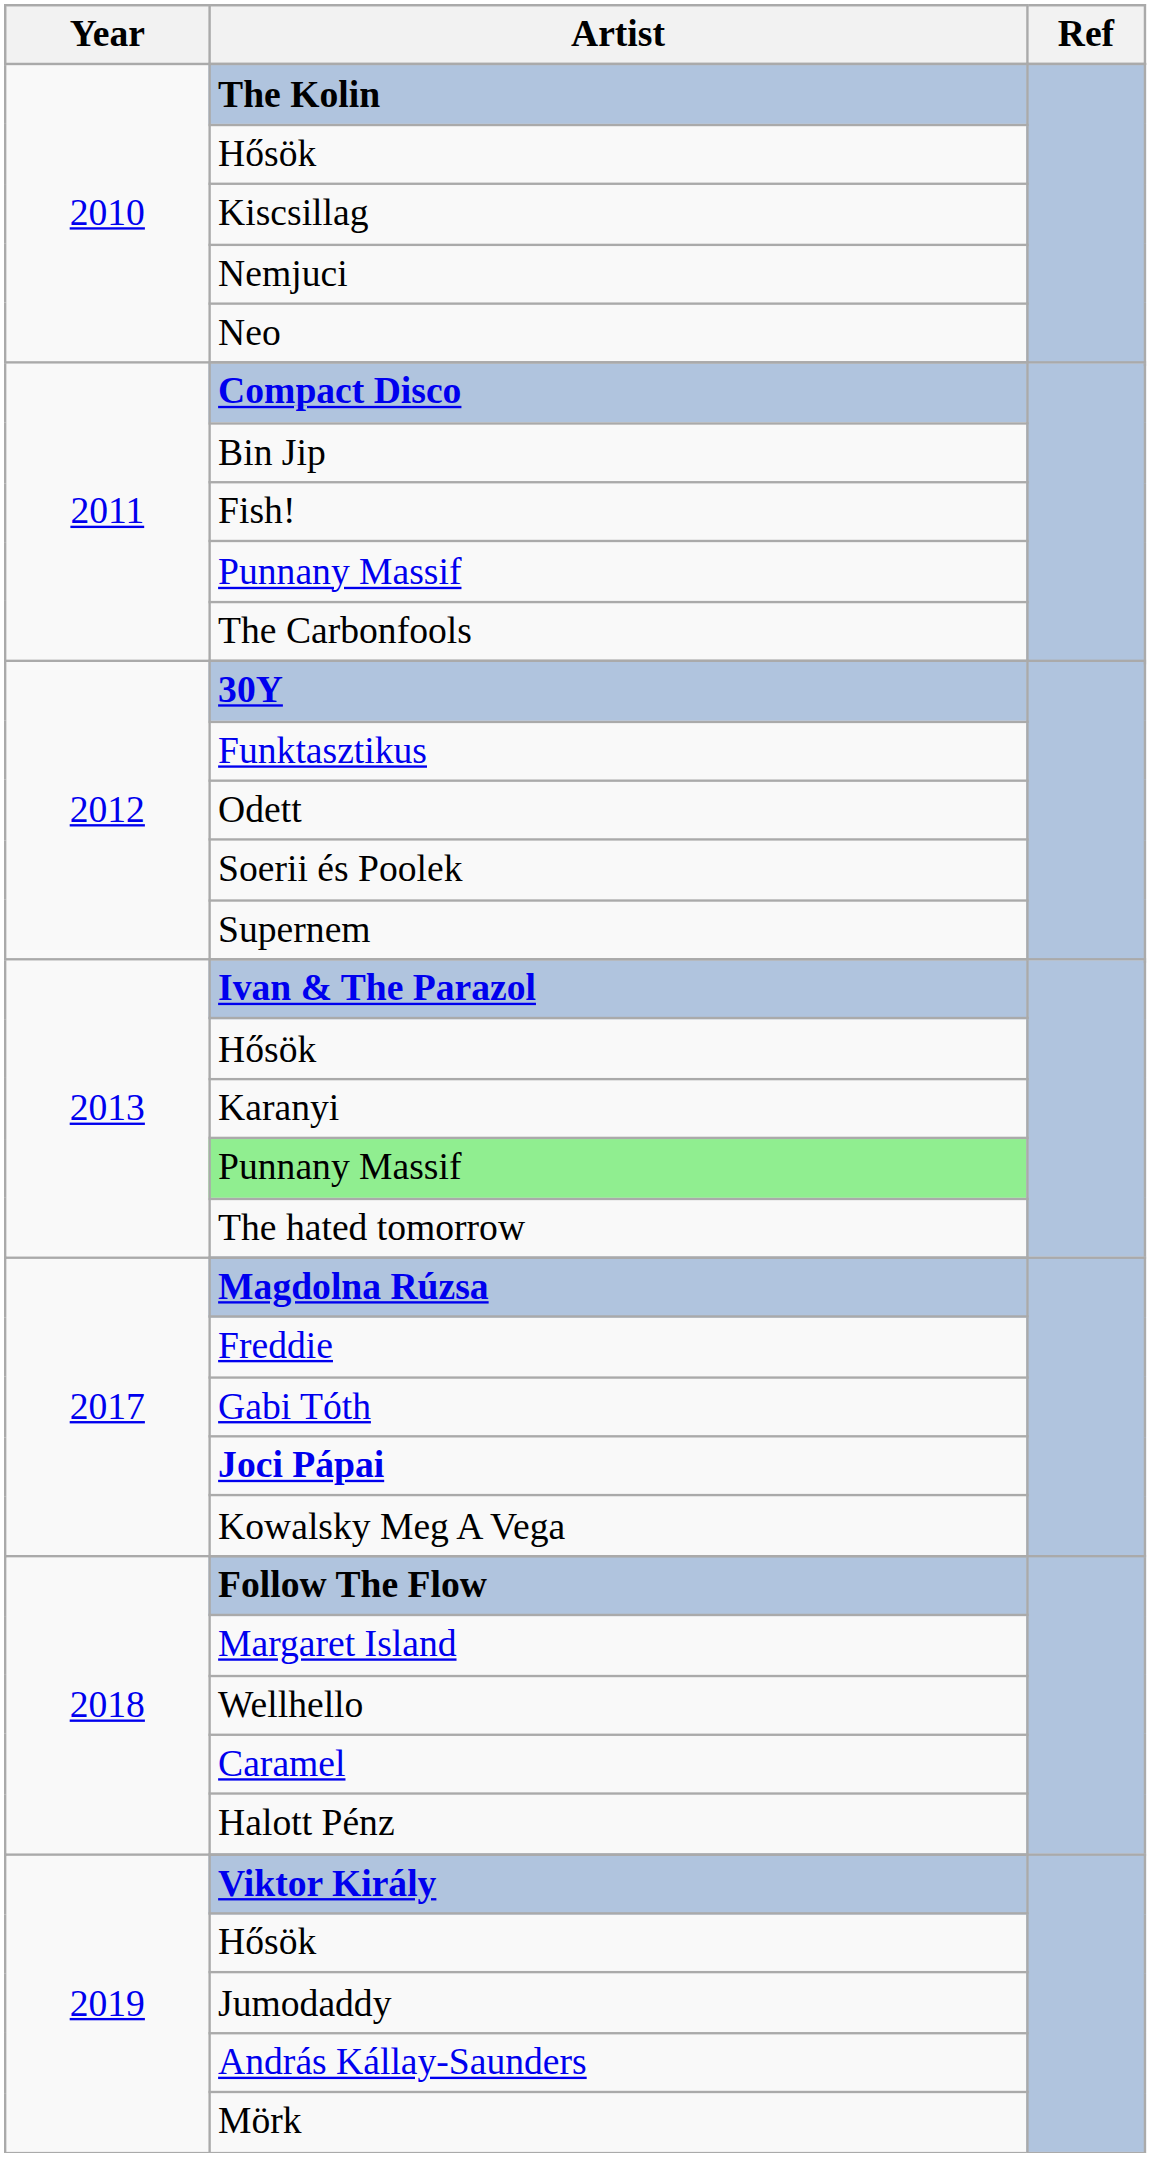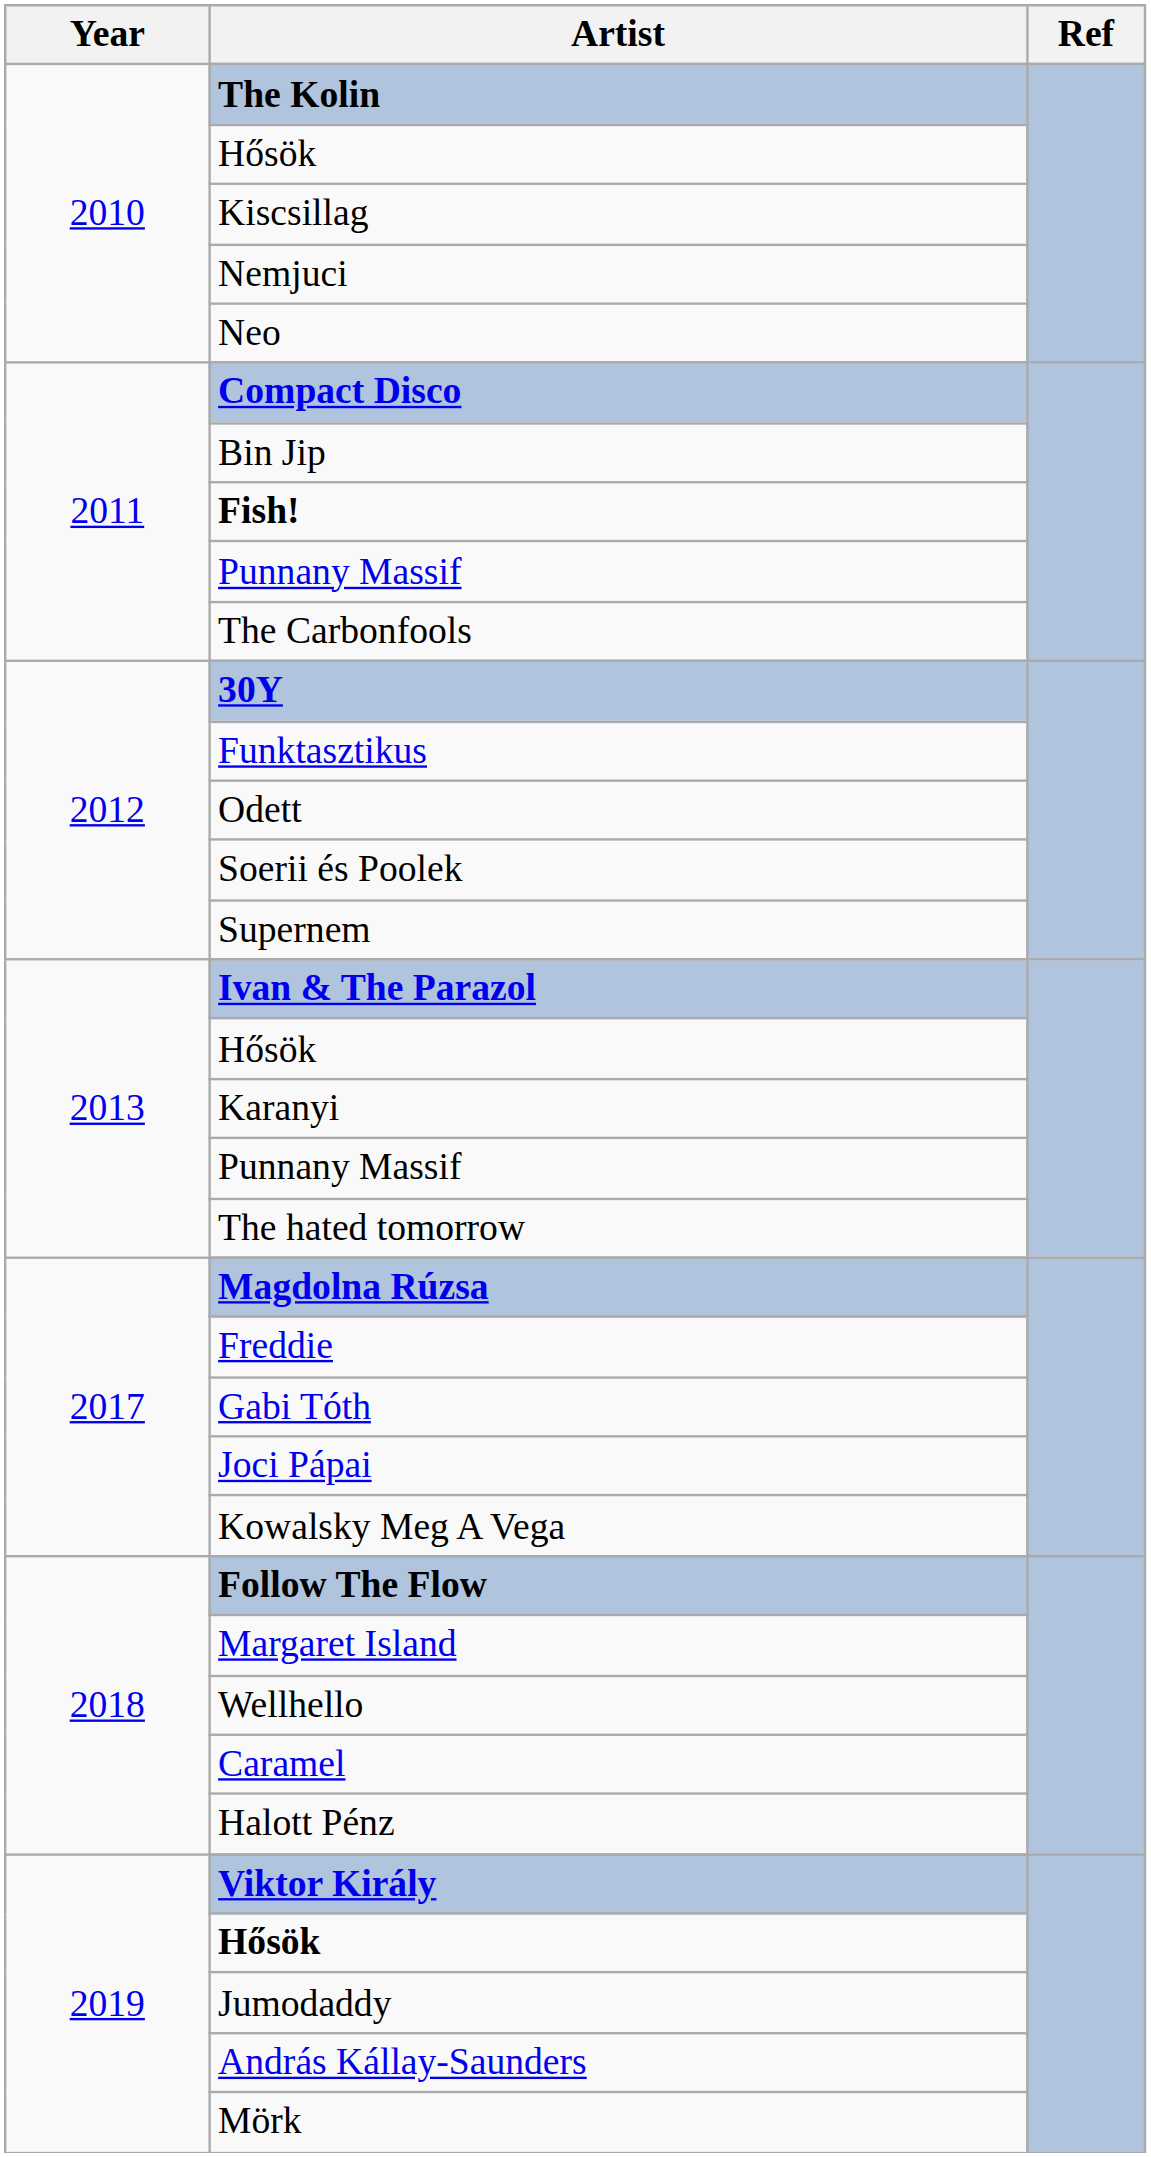 <table class="wikitable" style="width:55%;">
 <tr style="background:#bebebe;">
 <th style="width:10%;">Year</th>
 <th style="width:40%;">Artist</th>
 <th style="width:5%;">Ref</th>
 </tr>
 <tr>
 <td rowspan="6" align="center"><a href='#'>2010</a></td>
 </tr>
 <tr style="background:#B0C4DE">
 <td><strong>The Kolin</strong></td>
 <td rowspan="6" align="center"></td>
 </tr>
 <tr>
 <td>Hősök</td>
 </tr>
 <tr>
 <td>Kiscsillag</td>
 </tr>
 <tr>
 <td>Nemjuci</td>
 </tr>
 <tr>
 <td>Neo</td>
 </tr>
 <tr>
 <td rowspan="6" align="center"><a href='#'>2011</a></td>
 </tr>
 <tr style="background:#B0C4DE">
 <td><strong><a href='#'>Compact Disco</a></strong></td>
 <td rowspan="6" align="center"></td>
 </tr>
 <tr>
 <td>Bin Jip</td>
 </tr>
 <tr>
-<td>Fish!</td>
+<td><strong>Fish!</strong></td>
 </tr>
 <tr>
 <td><a href='#'>Punnany Massif</a></td>
 </tr>
 <tr>
 <td>The Carbonfools</td>
 </tr>
 <tr>
 <td rowspan="6" align="center"><a href='#'>2012</a></td>
 </tr>
 <tr style="background:#B0C4DE">
 <td><strong><a href='#'>30Y</a></strong></td>
 <td rowspan="6" align="center"></td>
 </tr>
 <tr>
 <td><a href='#'>Funktasztikus</a></td>
 </tr>
 <tr>
 <td>Odett</td>
 </tr>
 <tr>
 <td>Soerii és Poolek</td>
 </tr>
 <tr>
 <td>Supernem</td>
 </tr>
 <tr>
 <td rowspan="6" align="center"><a href='#'>2013</a></td>
 </tr>
 <tr style="background:#B0C4DE">
 <td><strong><a href='#'>Ivan & The Parazol</a></strong></td>
 <td rowspan="6" align="center"></td>
 </tr>
 <tr>
 <td>Hősök</td>
 </tr>
 <tr>
 <td>Karanyi</td>
 </tr>
 <tr>
-<td style="background: lightgreen;">Punnany Massif</td>
+<td>Punnany Massif</td>
 </tr>
 <tr>
 <td>The hated tomorrow</td>
 </tr>
 <tr>
 <td rowspan="6" align="center"><a href='#'>2017</a></td>
 </tr>
 <tr style="background:#B0C4DE">
 <td><strong><a href='#'>Magdolna Rúzsa</a></strong></td>
 <td rowspan="6" align="center"></td>
 </tr>
 <tr>
 <td><a href='#'>Freddie</a></td>
 </tr>
 <tr>
 <td><a href='#'>Gabi Tóth</a></td>
 </tr>
 <tr>
-<td><strong><a href='#'>Joci Pápai</a></strong></td>
+<td><a href='#'>Joci Pápai</a></td>
 </tr>
 <tr>
 <td>Kowalsky Meg A Vega</td>
 </tr>
 <tr>
 <td rowspan="6" align="center"><a href='#'>2018</a></td>
 </tr>
 <tr style="background:#B0C4DE">
 <td><strong>Follow The Flow</strong></td>
 <td rowspan="6" align="center"></td>
 </tr>
 <tr>
 <td><a href='#'>Margaret Island</a></td>
 </tr>
 <tr>
 <td>Wellhello</td>
 </tr>
 <tr>
 <td><a href='#'>Caramel</a></td>
 </tr>
 <tr>
 <td>Halott Pénz</td>
 </tr>
 <tr>
 <td rowspan="6" align="center"><a href='#'>2019</a></td>
 </tr>
 <tr style="background:#B0C4DE">
 <td><strong><a href='#'>Viktor Király</a></strong></td>
 <td rowspan="6" align="center"></td>
 </tr>
 <tr>
-<td>Hősök</td>
+<td><strong>Hősök</strong></td>
 </tr>
 <tr>
 <td>Jumodaddy</td>
 </tr>
 <tr>
 <td><a href='#'>András Kállay-Saunders</a></td>
 </tr>
 <tr>
 <td>Mörk</td>
 </tr>
 </table>
